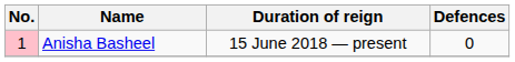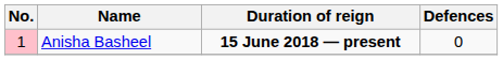 <table class="wikitable" width=80%>
 <tr>
 <th width=3%>No.</th>
 <th width=37%>Name</th>
 <th width=50%>Duration of reign</th>
 <th width=10%>Defences<br></th>
 </tr>
 <tr align=center>
 <td style="background: pink;">1</td>
 <td align=left> <a href='#'>Anisha Basheel</a></td>
-<td>15 June 2018 — present</td>
+<td><strong>15 June 2018 — present</strong></td>
 <td>0</td>
 </tr>
 <tr align=center>
 </tr>
 </table>
